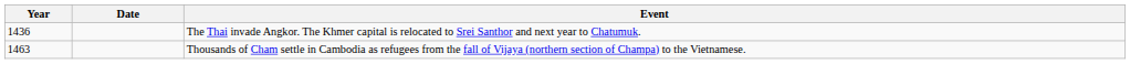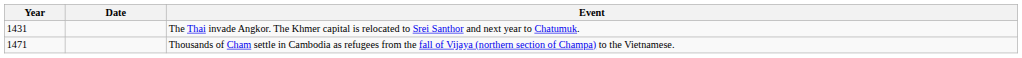 <table class="wikitable" width="100%">
 <tr>
 <th style="width:6%">Year</th>
 <th style="width:10%">Date</th>
 <th>Event</th>
 </tr>
 <tr>
-<td>1436</td>
+<td>1431</td>
 <td></td>
 <td>The <a href='#'>Thai</a> invade Angkor. The Khmer capital is relocated to <a href='#'>Srei Santhor</a> and next year to <a href='#'>Chatumuk</a>.</td>
 </tr>
 <tr>
-<td>1463</td>
+<td>1471</td>
 <td></td>
 <td>Thousands of <a href='#'>Cham</a> settle in Cambodia as refugees from the <a href='#'>fall of Vijaya (northern section of Champa)</a> to the Vietnamese.</td>
 </tr>
 </table>
